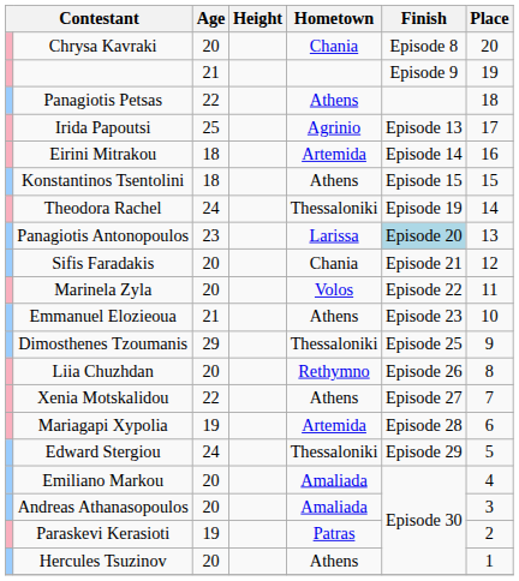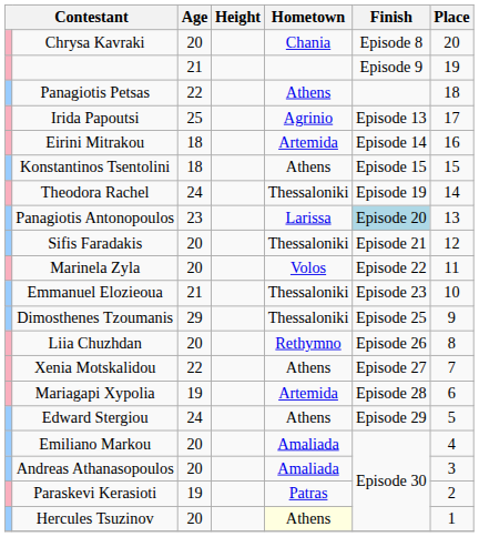 <table class="wikitable sortable" style="text-align:center;">
 <tr>
 <th colspan="2">Contestant</th>
 <th>Age</th>
 <th>Height</th>
 <th>Hometown</th>
 <th>Finish</th>
 <th>Place</th>
 </tr>
 <tr>
 <td style="background:#faafbe"></td>
 <td>Chrysa Kavraki</td>
 <td>20</td>
 <td></td>
 <td><a href='#'>Chania</a></td>
 <td>Episode 8</td>
 <td>20</td>
 </tr>
 <tr>
 <td style="background:#faafbe"></td>
 <td></td>
 <td>21</td>
 <td></td>
 <td></td>
 <td>Episode 9</td>
 <td>19</td>
 </tr>
 <tr>
 <td style="background:#9cf;"></td>
 <td>Panagiotis Petsas</td>
 <td>22</td>
 <td></td>
 <td><a href='#'>Athens</a></td>
 <td></td>
 <td>18</td>
 </tr>
 <tr>
 <td style="background:#faafbe"></td>
 <td>Irida Papoutsi</td>
 <td>25</td>
 <td></td>
 <td><a href='#'>Agrinio</a></td>
 <td>Episode 13</td>
 <td>17</td>
 </tr>
 <tr>
 <td style="background:#faafbe"></td>
 <td>Eirini Mitrakou</td>
 <td>18</td>
 <td></td>
 <td><a href='#'>Artemida</a></td>
 <td>Episode 14</td>
 <td>16</td>
 </tr>
 <tr>
 <td style="background:#9cf;"></td>
 <td>Konstantinos Tsentolini</td>
 <td>18</td>
 <td></td>
 <td>Athens</td>
 <td>Episode 15</td>
 <td>15</td>
 </tr>
 <tr>
 <td style="background:#faafbe"></td>
 <td>Theodora Rachel</td>
 <td>24</td>
 <td></td>
 <td>Thessaloniki</td>
 <td>Episode 19</td>
 <td>14</td>
 </tr>
 <tr>
 <td style="background:#9cf;"></td>
 <td>Panagiotis Antonopoulos</td>
 <td>23</td>
 <td></td>
 <td><a href='#'>Larissa</a></td>
 <td style="background: lightblue;">Episode 20</td>
 <td>13</td>
 </tr>
 <tr>
 <td style="background:#9cf;"></td>
 <td>Sifis Faradakis</td>
 <td>20</td>
 <td></td>
-<td>Chania</td>
+<td>Thessaloniki</td>
 <td>Episode 21</td>
 <td>12</td>
 </tr>
 <tr>
 <td style="background:#faafbe"></td>
 <td>Marinela Zyla</td>
 <td>20</td>
 <td></td>
 <td><a href='#'>Volos</a></td>
 <td>Episode 22</td>
 <td>11</td>
 </tr>
 <tr>
 <td style="background:#9cf;"></td>
 <td>Emmanuel Elozieoua</td>
 <td>21</td>
 <td></td>
-<td>Athens</td>
+<td>Thessaloniki</td>
 <td>Episode 23</td>
 <td>10</td>
 </tr>
 <tr>
 <td style="background:#9cf;"></td>
 <td>Dimosthenes Tzoumanis</td>
 <td>29</td>
 <td></td>
 <td>Thessaloniki</td>
 <td>Episode 25</td>
 <td>9</td>
 </tr>
 <tr>
 <td style="background:#faafbe"></td>
 <td>Liia Chuzhdan</td>
 <td>20</td>
 <td></td>
 <td><a href='#'>Rethymno</a></td>
 <td>Episode 26</td>
 <td>8</td>
 </tr>
 <tr>
 <td style="background:#faafbe"></td>
 <td>Xenia Motskalidou</td>
 <td>22</td>
 <td></td>
 <td>Athens</td>
 <td>Episode 27</td>
 <td>7</td>
 </tr>
 <tr>
 <td style="background:#faafbe"></td>
 <td>Mariagapi Xypolia</td>
 <td>19</td>
 <td></td>
 <td><a href='#'>Artemida</a></td>
 <td>Episode 28</td>
 <td>6</td>
 </tr>
 <tr>
 <td style="background:#9cf;"></td>
 <td>Edward Stergiou</td>
 <td>24</td>
 <td></td>
-<td>Thessaloniki</td>
+<td>Athens</td>
 <td>Episode 29</td>
 <td>5</td>
 </tr>
 <tr>
 <td style="background:#9cf;"></td>
 <td>Emiliano Markou</td>
 <td>20</td>
 <td></td>
 <td><a href='#'>Amaliada</a></td>
 <td rowspan="4">Episode 30</td>
 <td>4</td>
 </tr>
 <tr>
 <td style="background:#9cf;"></td>
 <td>Andreas Athanasopoulos</td>
 <td>20</td>
 <td></td>
 <td><a href='#'>Amaliada</a></td>
 <td>3</td>
 </tr>
 <tr>
 <td style="background:#faafbe"></td>
 <td>Paraskevi Kerasioti</td>
 <td>19</td>
 <td></td>
 <td><a href='#'>Patras</a></td>
 <td>2</td>
 </tr>
 <tr>
 <td style="background:#9cf;"></td>
 <td>Hercules Tsuzinov</td>
 <td>20</td>
 <td></td>
-<td>Athens</td>
+<td style="background: lightyellow;">Athens</td>
 <td>1</td>
 </tr>
 <tr>
 </tr>
 </table>
